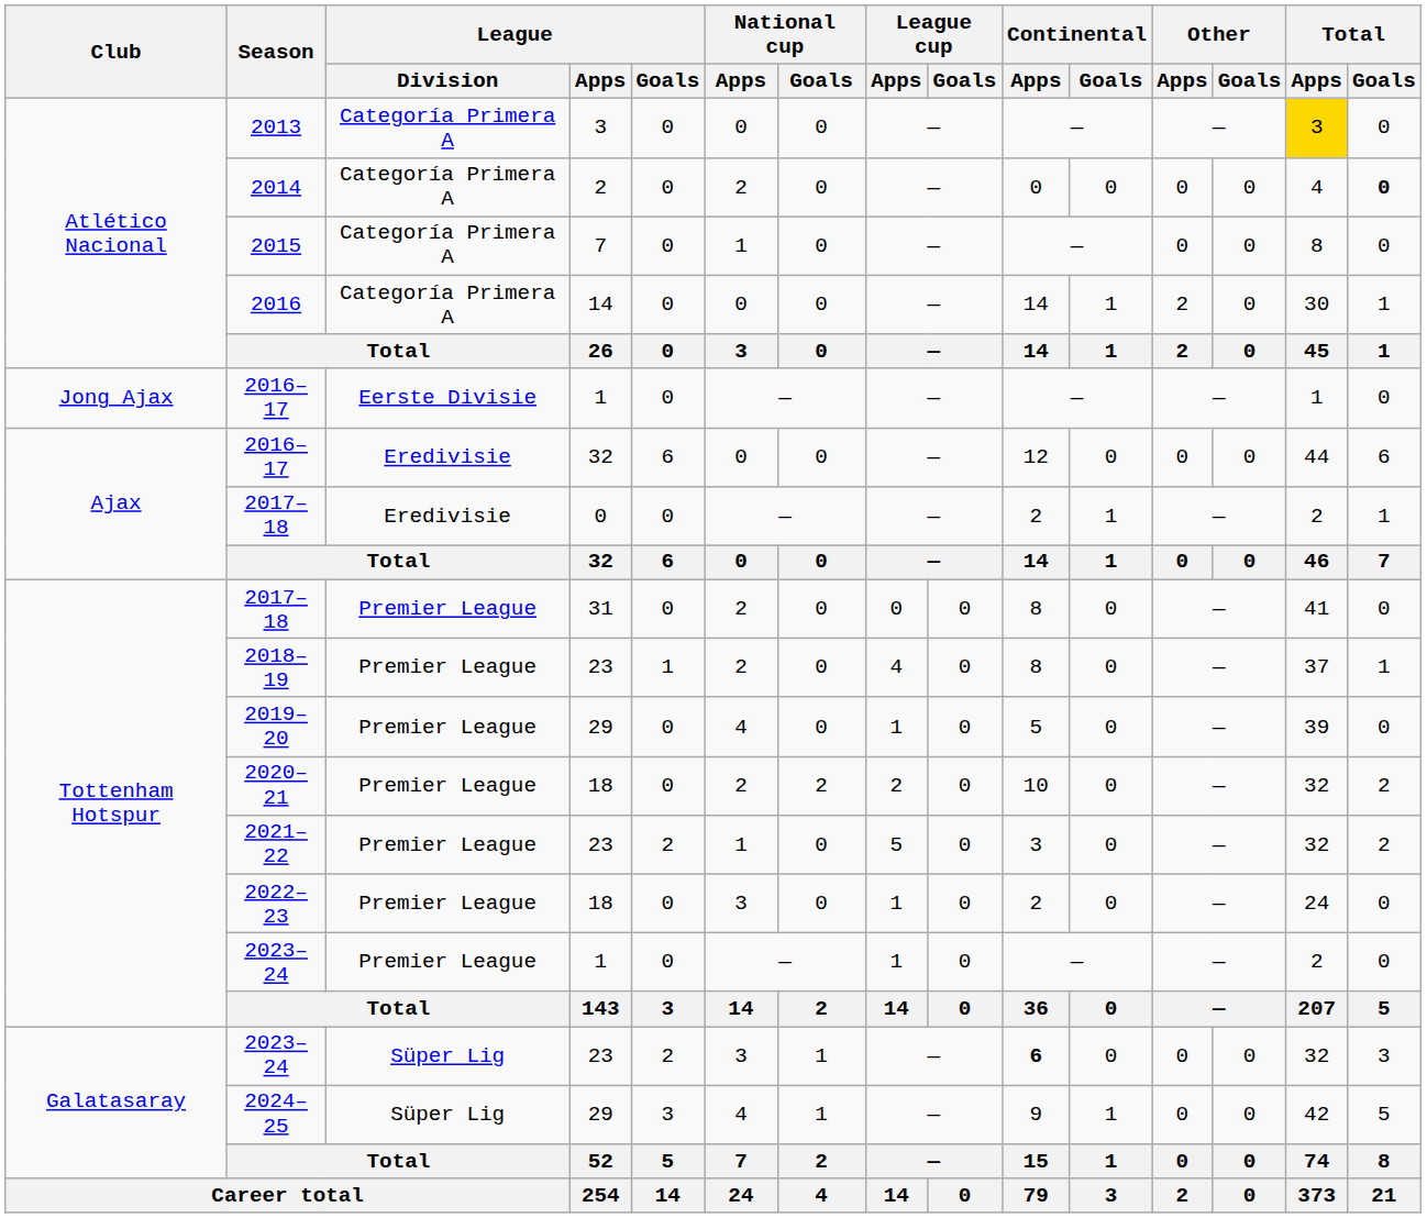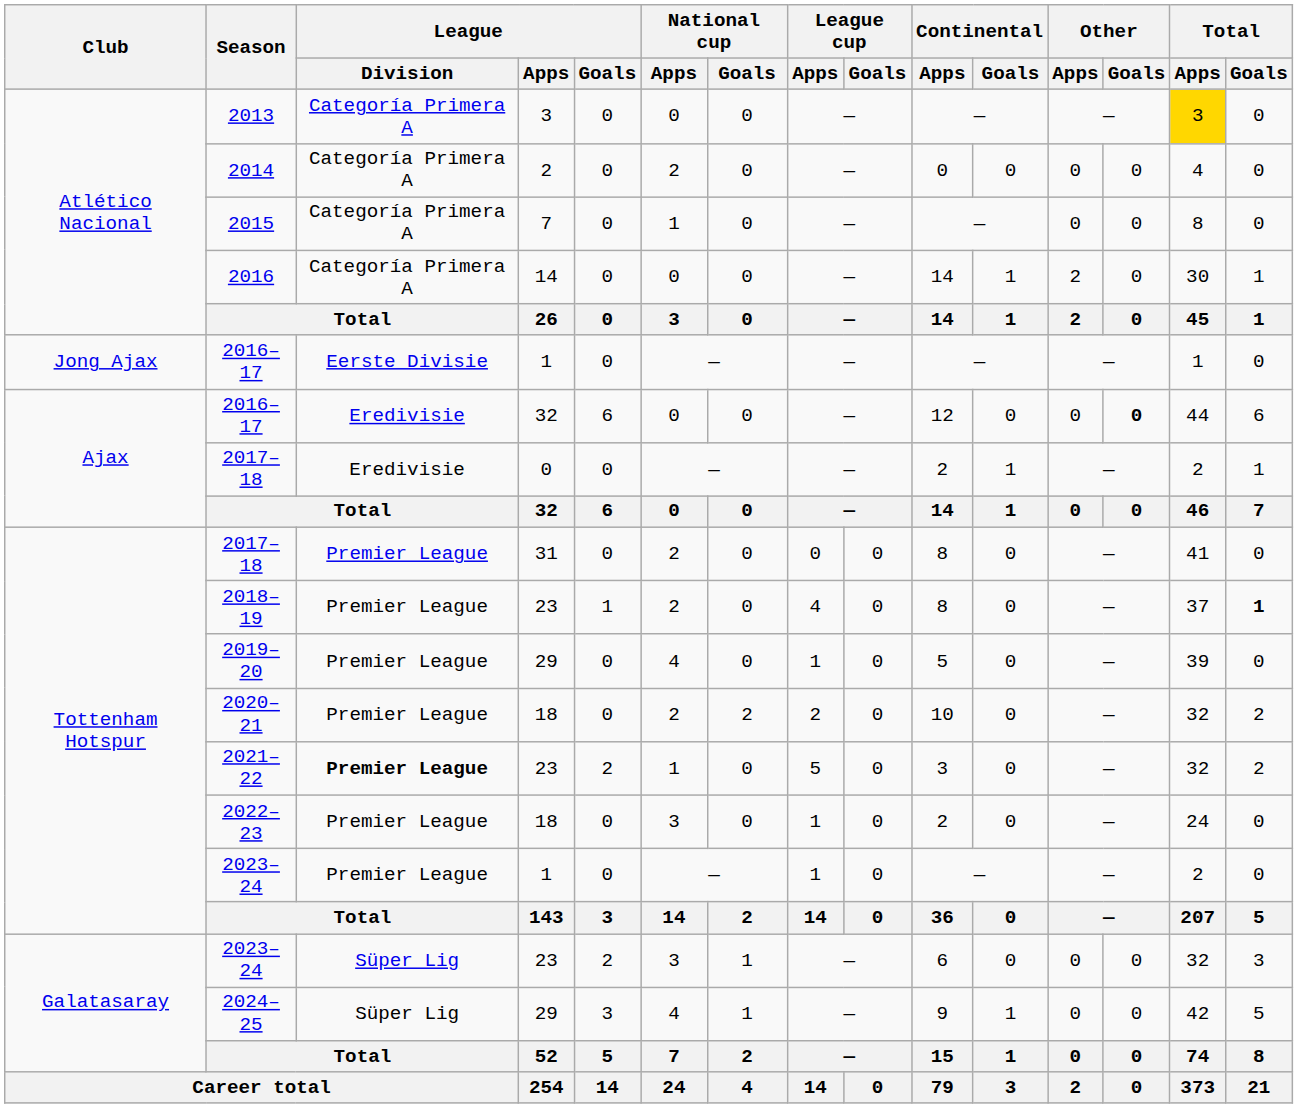 <table class="wikitable" style="text-align:center">
 <tr>
 <th rowspan=2>Club</th>
 <th rowspan=2>Season</th>
 <th colspan=3>League</th>
 <th colspan=2>National cup</th>
 <th colspan=2>League cup</th>
 <th colspan=2>Continental</th>
 <th colspan=2>Other</th>
 <th colspan=2>Total</th>
 </tr>
 <tr>
 <th>Division</th>
 <th>Apps</th>
 <th>Goals</th>
 <th>Apps</th>
 <th>Goals</th>
 <th>Apps</th>
 <th>Goals</th>
 <th>Apps</th>
 <th>Goals</th>
 <th>Apps</th>
 <th>Goals</th>
 <th>Apps</th>
 <th>Goals</th>
 </tr>
 <tr>
 <td rowspan=5><a href='#'>Atlético Nacional</a></td>
 <td><a href='#'>2013</a></td>
 <td><a href='#'>Categoría Primera A</a></td>
 <td>3</td>
 <td>0</td>
 <td>0</td>
 <td>0</td>
 <td colspan=2>—</td>
 <td colspan=2>—</td>
 <td colspan=2>—</td>
 <td style="background: gold;">3</td>
 <td>0</td>
 </tr>
 <tr>
 <td><a href='#'>2014</a></td>
 <td>Categoría Primera A</td>
 <td>2</td>
 <td>0</td>
 <td>2</td>
 <td>0</td>
 <td colspan=2>—</td>
 <td>0</td>
 <td>0</td>
 <td>0</td>
 <td>0</td>
 <td>4</td>
-<td><strong>0</strong></td>
+<td>0</td>
 </tr>
 <tr>
 <td><a href='#'>2015</a></td>
 <td>Categoría Primera A</td>
 <td>7</td>
 <td>0</td>
 <td>1</td>
 <td>0</td>
 <td colspan=2>—</td>
 <td colspan=2>—</td>
 <td>0</td>
 <td>0</td>
 <td>8</td>
 <td>0</td>
 </tr>
 <tr>
 <td><a href='#'>2016</a></td>
 <td>Categoría Primera A</td>
 <td>14</td>
 <td>0</td>
 <td>0</td>
 <td>0</td>
 <td colspan=2>—</td>
 <td>14</td>
 <td>1</td>
 <td>2</td>
 <td>0</td>
 <td>30</td>
 <td>1</td>
 </tr>
 <tr>
 <th colspan=2>Total</th>
 <th>26</th>
 <th>0</th>
 <th>3</th>
 <th>0</th>
 <th colspan=2>—</th>
 <th>14</th>
 <th>1</th>
 <th>2</th>
 <th>0</th>
 <th>45</th>
 <th>1</th>
 </tr>
 <tr>
 <td><a href='#'>Jong Ajax</a></td>
 <td><a href='#'>2016–17</a></td>
 <td><a href='#'>Eerste Divisie</a></td>
 <td>1</td>
 <td>0</td>
 <td colspan=2>—</td>
 <td colspan=2>—</td>
 <td colspan=2>—</td>
 <td colspan=2>—</td>
 <td>1</td>
 <td>0</td>
 </tr>
 <tr>
 <td rowspan=3><a href='#'>Ajax</a></td>
 <td><a href='#'>2016–17</a></td>
 <td><a href='#'>Eredivisie</a></td>
 <td>32</td>
 <td>6</td>
 <td>0</td>
 <td>0</td>
 <td colspan=2>—</td>
 <td>12</td>
 <td>0</td>
 <td>0</td>
-<td>0</td>
+<td><strong>0</strong></td>
 <td>44</td>
 <td>6</td>
 </tr>
 <tr>
 <td><a href='#'>2017–18</a></td>
 <td>Eredivisie</td>
 <td>0</td>
 <td>0</td>
 <td colspan=2>—</td>
 <td colspan=2>—</td>
 <td>2</td>
 <td>1</td>
 <td colspan=2>—</td>
 <td>2</td>
 <td>1</td>
 </tr>
 <tr>
 <th colspan=2>Total</th>
 <th>32</th>
 <th>6</th>
 <th>0</th>
 <th>0</th>
 <th colspan=2>—</th>
 <th>14</th>
 <th>1</th>
 <th>0</th>
 <th>0</th>
 <th>46</th>
 <th>7</th>
 </tr>
 <tr>
 <td rowspan=8><a href='#'>Tottenham Hotspur</a></td>
 <td><a href='#'>2017–18</a></td>
 <td><a href='#'>Premier League</a></td>
 <td>31</td>
 <td>0</td>
 <td>2</td>
 <td>0</td>
 <td>0</td>
 <td>0</td>
 <td>8</td>
 <td>0</td>
 <td colspan=2>—</td>
 <td>41</td>
 <td>0</td>
 </tr>
 <tr>
 <td><a href='#'>2018–19</a></td>
 <td>Premier League</td>
 <td>23</td>
 <td>1</td>
 <td>2</td>
 <td>0</td>
 <td>4</td>
 <td>0</td>
 <td>8</td>
 <td>0</td>
 <td colspan=2>—</td>
 <td>37</td>
-<td>1</td>
+<td><strong>1</strong></td>
 </tr>
 <tr>
 <td><a href='#'>2019–20</a></td>
 <td>Premier League</td>
 <td>29</td>
 <td>0</td>
 <td>4</td>
 <td>0</td>
 <td>1</td>
 <td>0</td>
 <td>5</td>
 <td>0</td>
 <td colspan=2>—</td>
 <td>39</td>
 <td>0</td>
 </tr>
 <tr>
 <td><a href='#'>2020–21</a></td>
 <td>Premier League</td>
 <td>18</td>
 <td>0</td>
 <td>2</td>
 <td>2</td>
 <td>2</td>
 <td>0</td>
 <td>10</td>
 <td>0</td>
 <td colspan=2>—</td>
 <td>32</td>
 <td>2</td>
 </tr>
 <tr>
 <td><a href='#'>2021–22</a></td>
-<td>Premier League</td>
+<td><strong>Premier League</strong></td>
 <td>23</td>
 <td>2</td>
 <td>1</td>
 <td>0</td>
 <td>5</td>
 <td>0</td>
 <td>3</td>
 <td>0</td>
 <td colspan=2>—</td>
 <td>32</td>
 <td>2</td>
 </tr>
 <tr>
 <td><a href='#'>2022–23</a></td>
 <td>Premier League</td>
 <td>18</td>
 <td>0</td>
 <td>3</td>
 <td>0</td>
 <td>1</td>
 <td>0</td>
 <td>2</td>
 <td>0</td>
 <td colspan=2>—</td>
 <td>24</td>
 <td>0</td>
 </tr>
 <tr>
 <td><a href='#'>2023–24</a></td>
 <td>Premier League</td>
 <td>1</td>
 <td>0</td>
 <td colspan=2>—</td>
 <td>1</td>
 <td>0</td>
 <td colspan=2>—</td>
 <td colspan=2>—</td>
 <td>2</td>
 <td>0</td>
 </tr>
 <tr>
 <th colspan=2>Total</th>
 <th>143</th>
 <th>3</th>
 <th>14</th>
 <th>2</th>
 <th>14</th>
 <th>0</th>
 <th>36</th>
 <th>0</th>
 <th colspan=2>—</th>
 <th>207</th>
 <th>5</th>
 </tr>
 <tr>
 <td rowspan=3><a href='#'>Galatasaray</a></td>
 <td><a href='#'>2023–24</a></td>
 <td><a href='#'>Süper Lig</a></td>
 <td>23</td>
 <td>2</td>
 <td>3</td>
 <td>1</td>
 <td colspan=2>—</td>
-<td><strong>6</strong></td>
+<td>6</td>
 <td>0</td>
 <td>0</td>
 <td>0</td>
 <td>32</td>
 <td>3</td>
 </tr>
 <tr>
 <td><a href='#'>2024–25</a></td>
 <td>Süper Lig</td>
 <td>29</td>
 <td>3</td>
 <td>4</td>
 <td>1</td>
 <td colspan=2>—</td>
 <td>9</td>
 <td>1</td>
 <td>0</td>
 <td>0</td>
 <td>42</td>
 <td>5</td>
 </tr>
 <tr>
 <th colspan=2>Total</th>
 <th>52</th>
 <th>5</th>
 <th>7</th>
 <th>2</th>
 <th colspan=2>—</th>
 <th>15</th>
 <th>1</th>
 <th>0</th>
 <th>0</th>
 <th>74</th>
 <th>8</th>
 </tr>
 <tr>
 <th colspan=3>Career total</th>
 <th>254</th>
 <th>14</th>
 <th>24</th>
 <th>4</th>
 <th>14</th>
 <th>0</th>
 <th>79</th>
 <th>3</th>
 <th>2</th>
 <th>0</th>
 <th>373</th>
 <th>21</th>
 </tr>
 </table>
